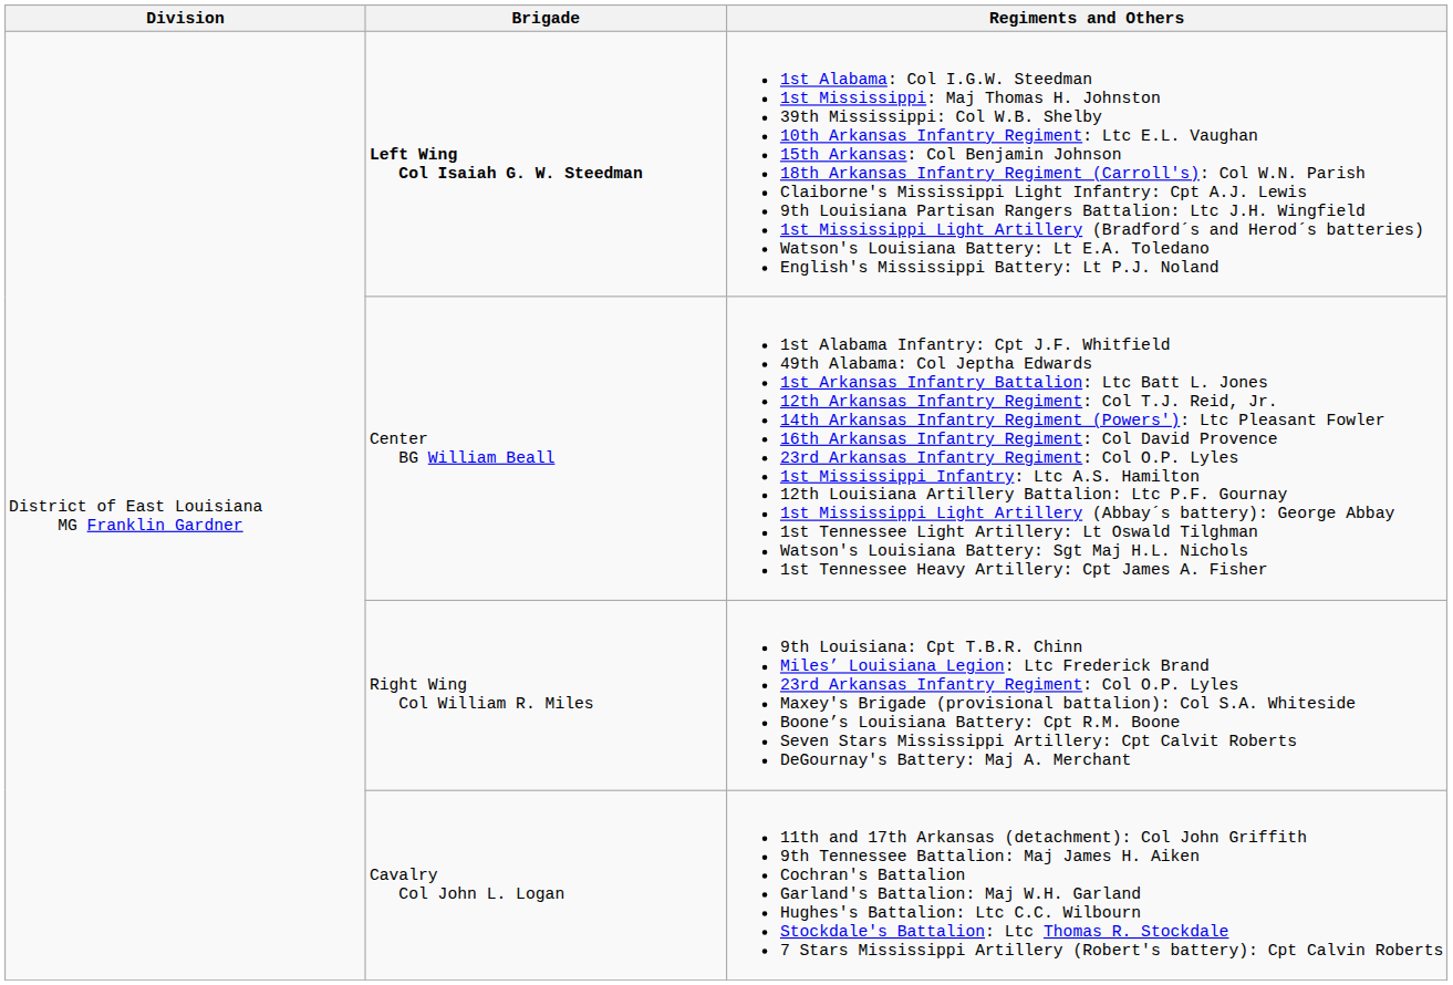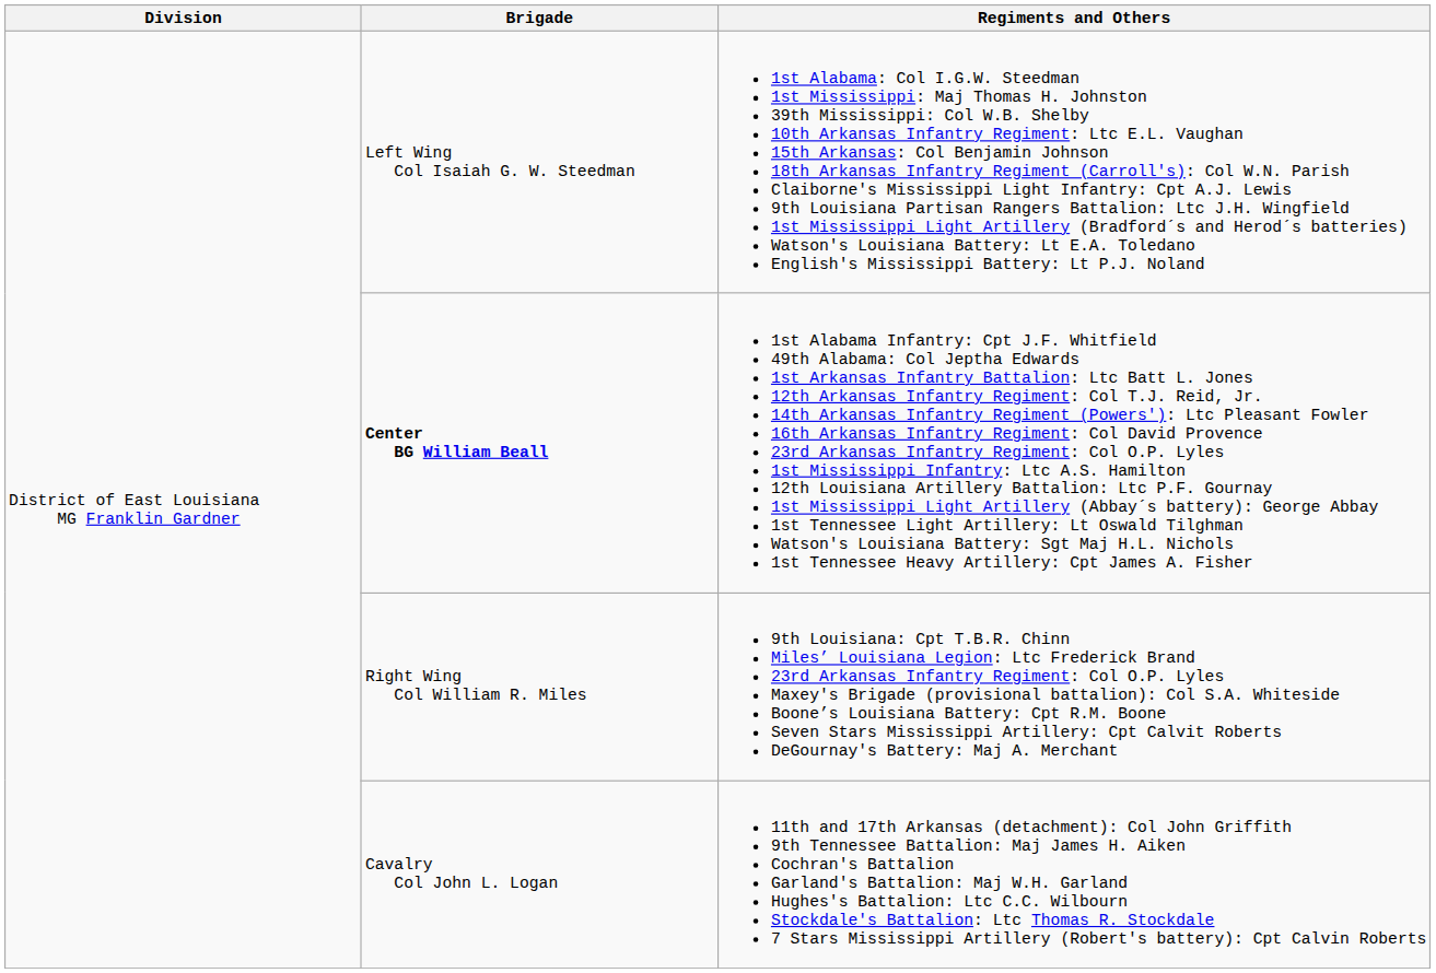 <table class="wikitable">
 <tr>
 <th width=25%>Division</th>
 <th width=25%>Brigade</th>
 <th>Regiments and Others</th>
 </tr>
 <tr>
 <td rowspan=4><br>District of East Louisiana <br>     MG <a href='#'>Franklin Gardner</a></td>
-<td><strong>Left Wing<br>   Col Isaiah G. W. Steedman</strong></td>
+<td>Left Wing<br>   Col Isaiah G. W. Steedman</td>
 <td><br><ul><li><a href='#'>1st Alabama</a>: Col I.G.W. Steedman</li><li><a href='#'>1st Mississippi</a>: Maj Thomas H. Johnston</li><li>39th Mississippi: Col W.B. Shelby</li><li><a href='#'>10th Arkansas Infantry Regiment</a>: Ltc E.L. Vaughan</li><li><a href='#'>15th Arkansas</a>: Col Benjamin Johnson</li><li><a href='#'>18th Arkansas Infantry Regiment (Carroll's)</a>: Col W.N. Parish</li><li>Claiborne's Mississippi Light Infantry: Cpt A.J. Lewis</li><li>9th Louisiana Partisan Rangers Battalion: Ltc J.H. Wingfield</li><li><a href='#'>1st Mississippi Light Artillery</a> (Bradford´s and Herod´s batteries)</li><li>Watson's Louisiana Battery: Lt E.A. Toledano</li><li>English's Mississippi Battery: Lt P.J. Noland</li></ul></td>
 </tr>
 <tr>
-<td>Center<br>   BG <a href='#'>William Beall</a></td>
+<td><strong>Center<br>   BG <a href='#'>William Beall</a></strong></td>
 <td><br><ul><li>1st Alabama Infantry: Cpt J.F. Whitfield</li><li>49th Alabama: Col Jeptha Edwards</li><li><a href='#'>1st Arkansas Infantry Battalion</a>: Ltc  Batt L. Jones</li><li><a href='#'>12th Arkansas Infantry Regiment</a>: Col T.J. Reid, Jr.</li><li><a href='#'>14th Arkansas Infantry Regiment (Powers')</a>: Ltc Pleasant Fowler</li><li><a href='#'>16th Arkansas Infantry Regiment</a>: Col David Provence</li><li><a href='#'>23rd Arkansas Infantry Regiment</a>: Col O.P. Lyles</li><li><a href='#'>1st Mississippi Infantry</a>: Ltc A.S. Hamilton</li><li>12th Louisiana Artillery Battalion: Ltc P.F. Gournay</li><li><a href='#'>1st Mississippi Light Artillery</a> (Abbay´s battery): George Abbay</li><li>1st Tennessee Light Artillery: Lt Oswald Tilghman</li><li>Watson's Louisiana Battery: Sgt Maj H.L. Nichols</li><li>1st Tennessee Heavy Artillery: Cpt James A. Fisher</li></ul></td>
 </tr>
 <tr>
 <td>Right Wing<br>   Col William R. Miles</td>
 <td><br><ul><li>9th Louisiana: Cpt T.B.R. Chinn</li><li><a href='#'>Miles’ Louisiana Legion</a>:  Ltc Frederick Brand</li><li><a href='#'>23rd Arkansas Infantry Regiment</a>: Col O.P. Lyles</li><li>Maxey's Brigade (provisional battalion): Col S.A. Whiteside</li><li>Boone’s Louisiana Battery: Cpt R.M. Boone</li><li>Seven Stars Mississippi Artillery: Cpt Calvit Roberts</li><li>DeGournay's Battery: Maj A. Merchant</li></ul></td>
 </tr>
 <tr>
 <td>Cavalry<br>   Col John L. Logan</td>
 <td><br><ul><li>11th and 17th Arkansas (detachment): Col John Griffith</li><li>9th Tennessee Battalion: Maj James H. Aiken</li><li>Cochran's Battalion</li><li>Garland's Battalion: Maj W.H. Garland</li><li>Hughes's Battalion: Ltc C.C. Wilbourn</li><li><a href='#'>Stockdale's Battalion</a>: Ltc <a href='#'>Thomas R. Stockdale</a></li><li>7 Stars Mississippi Artillery (Robert's battery): Cpt Calvin Roberts</li></ul></td>
 </tr>
 <tr>
 </tr>
 </table>
